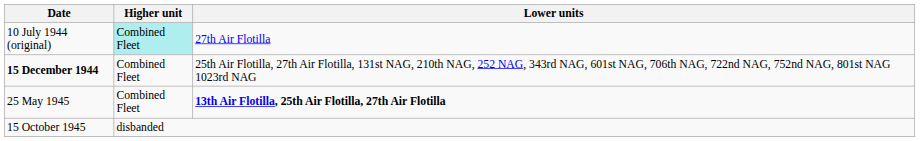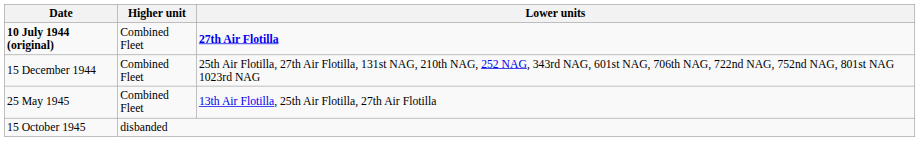 <table class="wikitable">
 <tr>
 <th>Date</th>
 <th>Higher unit</th>
 <th>Lower units</th>
 </tr>
 <tr>
-<td>10 July 1944 (original)</td>
-<td style="background: paleturquoise;">Combined Fleet</td>
-<td><a href='#'>27th Air Flotilla</a></td>
+<td><strong>10 July 1944 (original)</strong></td>
+<td>Combined Fleet</td>
+<td><strong><a href='#'>27th Air Flotilla</a></strong></td>
 </tr>
 <tr>
-<td><strong>15 December 1944</strong></td>
+<td>15 December 1944</td>
 <td>Combined Fleet</td>
 <td>25th Air Flotilla, 27th Air Flotilla, 131st NAG, 210th NAG, <a href='#'>252 NAG</a>, 343rd NAG, 601st NAG, 706th NAG, 722nd NAG, 752nd NAG, 801st NAG 1023rd NAG</td>
 </tr>
 <tr>
 <td>25 May 1945</td>
 <td>Combined Fleet</td>
-<td><strong><a href='#'>13th Air Flotilla</a>, 25th Air Flotilla, 27th Air Flotilla</strong></td>
+<td><a href='#'>13th Air Flotilla</a>, 25th Air Flotilla, 27th Air Flotilla</td>
 </tr>
 <tr>
 <td>15 October 1945</td>
 <td colspan="3">disbanded</td>
 </tr>
 </table>
